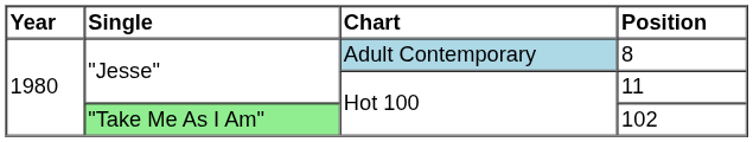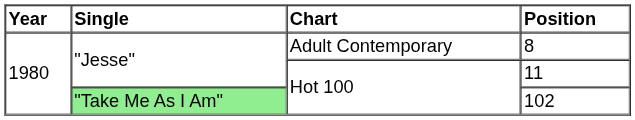 <table border=1 cellspacing=0 cellpadding=2 width="550px">
 <tr>
 <th align="left">Year</th>
 <th align="left">Single</th>
 <th align="left">Chart</th>
 <th align="left">Position</th>
 </tr>
 <tr>
 <td align="left" rowspan="3">1980</td>
 <td align="left" rowspan="2">"Jesse"</td>
-<td align="left" style="background: lightblue;">Adult Contemporary</td>
+<td align="left">Adult Contemporary</td>
 <td align="left">8</td>
 </tr>
 <tr>
 <td align="left" rowspan="2">Hot 100</td>
 <td align="left">11</td>
 </tr>
 <tr>
 <td align="left" style="background: lightgreen;">"Take Me As I Am"</td>
 <td align="left">102</td>
 </tr>
 <tr>
 </tr>
 </table>
